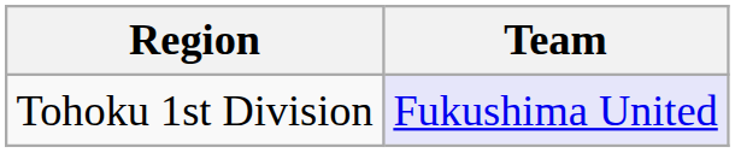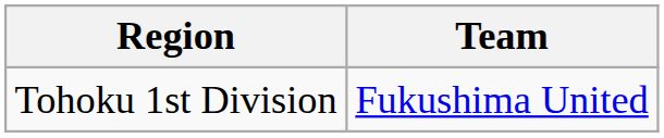 <table class="wikitable" style="text-align:center;">
 <tr>
 <th>Region</th>
 <th>Team</th>
 </tr>
 <tr>
 <td>Tohoku 1st Division</td>
-<td style="background: lavender;"><a href='#'>Fukushima United</a></td>
+<td><a href='#'>Fukushima United</a></td>
 </tr>
 </table>
